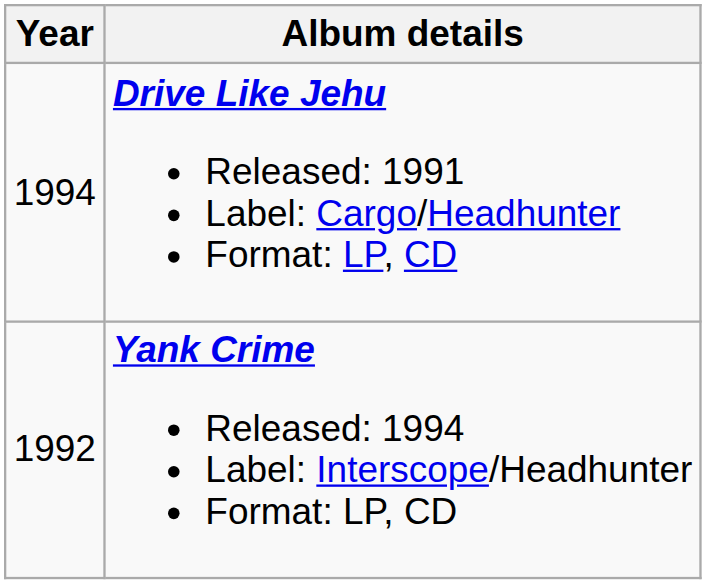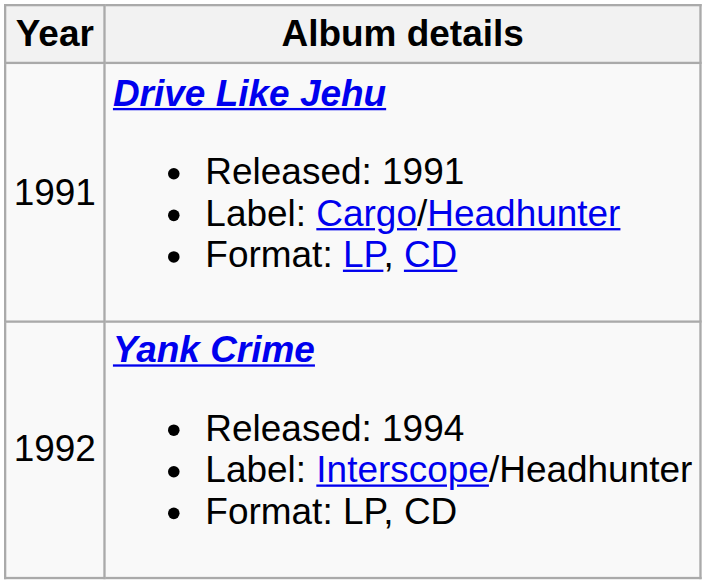 <table class ="wikitable">
 <tr>
 <th>Year</th>
 <th>Album details</th>
 </tr>
 <tr>
-<td>1994</td>
+<td>1991</td>
 <td><strong><em><a href='#'>Drive Like Jehu</a></em></strong><br><ul><li>Released: 1991</li><li>Label: <a href='#'>Cargo</a>/<a href='#'>Headhunter</a></li><li>Format: <a href='#'>LP</a>, <a href='#'>CD</a></li></ul></td>
 </tr>
 <tr>
 <td>1992</td>
 <td><strong><em><a href='#'>Yank Crime</a></em></strong><br><ul><li>Released: 1994</li><li>Label: <a href='#'>Interscope</a>/Headhunter</li><li>Format: LP, CD</li></ul></td>
 </tr>
 </table>
